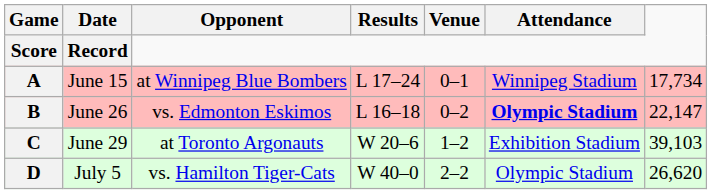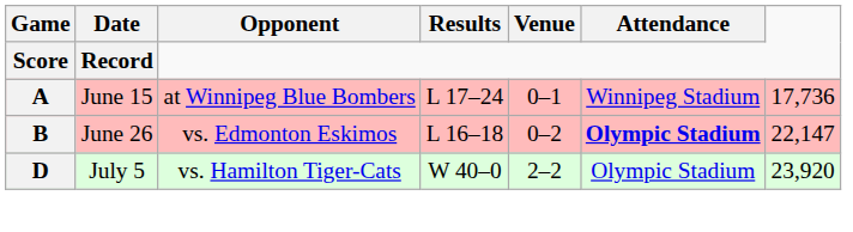 <table class="wikitable" style="text-align:center">
 <tr>
 <th>Game</th>
 <th>Date</th>
 <th>Opponent</th>
 <th>Results</th>
 <th>Venue</th>
 <th>Attendance</th>
 </tr>
 <tr>
 <th>Score</th>
 <th>Record</th>
 </tr>
 <tr style="background:#ffbbbb">
 <th>A</th>
 <td>June 15</td>
 <td>at <a href='#'>Winnipeg Blue Bombers</a></td>
 <td>L 17–24</td>
 <td>0–1</td>
 <td><a href='#'>Winnipeg Stadium</a></td>
-<td>17,734</td>
+<td>17,736</td>
 </tr>
 <tr style="background:#ffbbbb">
 <th>B</th>
 <td>June 26</td>
 <td>vs. <a href='#'>Edmonton Eskimos</a></td>
 <td>L 16–18</td>
 <td>0–2</td>
 <td><strong><a href='#'>Olympic Stadium</a></strong></td>
 <td>22,147</td>
 </tr>
 <tr style="background:#ddffdd">
-<th>C</th>
-<td>June 29</td>
-<td>at <a href='#'>Toronto Argonauts</a></td>
-<td>W 20–6</td>
-<td>1–2</td>
-<td><a href='#'>Exhibition Stadium</a></td>
-<td>39,103</td>
-</tr>
-<tr style="background:#ddffdd">
 <th>D</th>
 <td>July 5</td>
 <td>vs. <a href='#'>Hamilton Tiger-Cats</a></td>
 <td>W 40–0</td>
 <td>2–2</td>
 <td><a href='#'>Olympic Stadium</a></td>
-<td>26,620</td>
+<td>23,920</td>
 </tr>
 </table>
